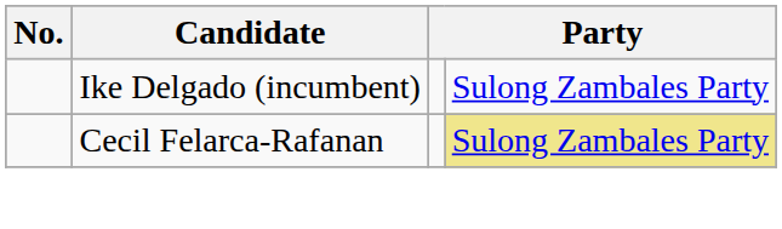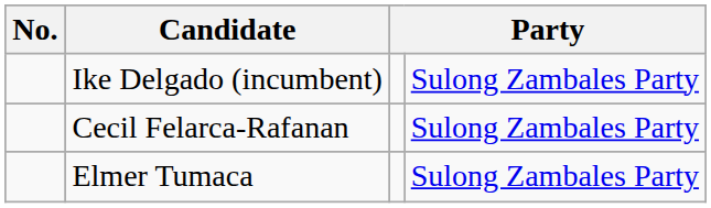 <table class="wikitable sortable" style="text-align:left;">
 <tr>
 <th>No.</th>
 <th>Candidate</th>
 <th colspan="2">Party</th>
 </tr>
 <tr>
 <td></td>
 <td>Ike Delgado (incumbent)</td>
 <td></td>
 <td><a href='#'>Sulong Zambales Party</a></td>
 </tr>
 <tr>
 <td></td>
 <td>Cecil Felarca-Rafanan</td>
 <td></td>
-<td style="background: khaki;"><a href='#'>Sulong Zambales Party</a></td>
+<td><a href='#'>Sulong Zambales Party</a></td>
+</tr>
+<tr>
+<td></td>
+<td>Elmer Tumaca</td>
+<td></td>
+<td><a href='#'>Sulong Zambales Party</a></td>
 </tr>
 </table>
